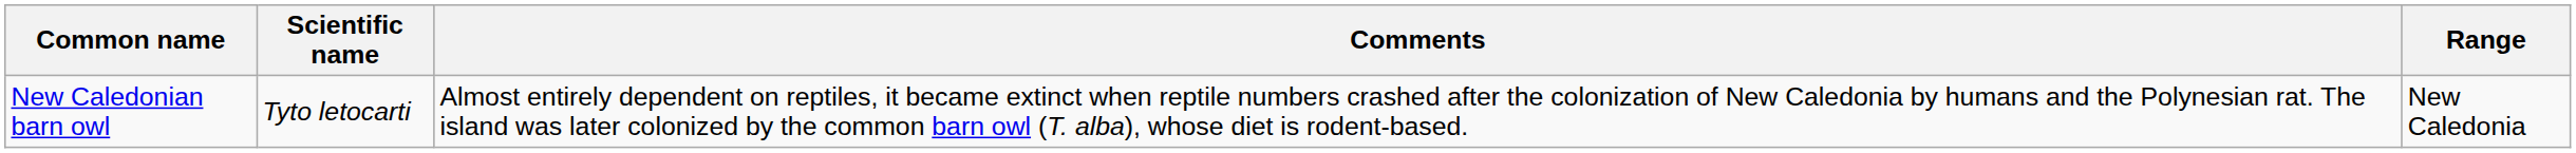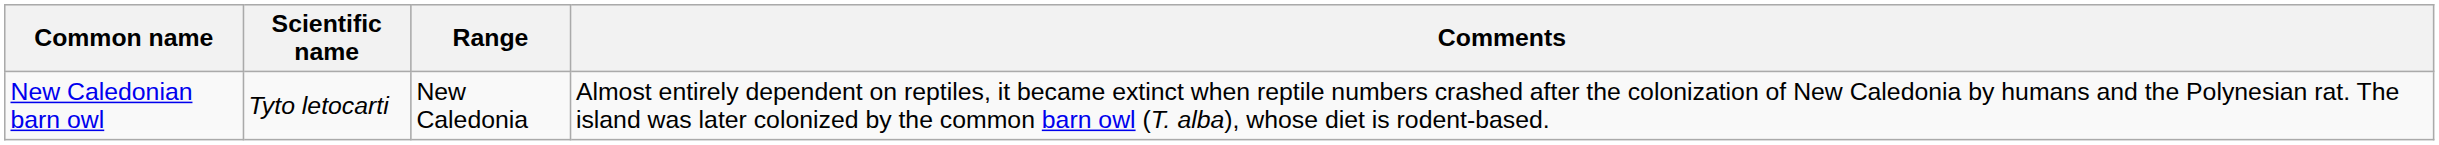 <table class="wikitable">
 <tr>
 <th>Common name</th>
 <th>Scientific name</th>
+<th>Range</th>
 <th class="unsortable">Comments</th>
-<th>Range</th>
 </tr>
 <tr>
 <td><a href='#'>New Caledonian barn owl</a></td>
 <td><em>Tyto letocarti</em></td>
+<td>New Caledonia</td>
 <td>Almost entirely dependent on reptiles, it became extinct when reptile numbers crashed after the colonization of New Caledonia by humans and the Polynesian rat. The island was later colonized by the common <a href='#'>barn owl</a> (<em>T. alba</em>), whose diet is rodent-based.</td>
-<td>New Caledonia</td>
 </tr>
 </table>
